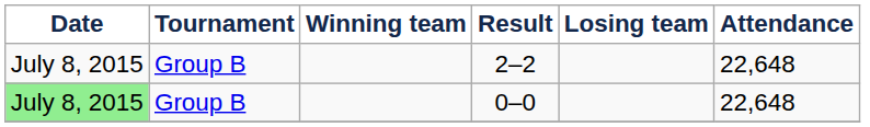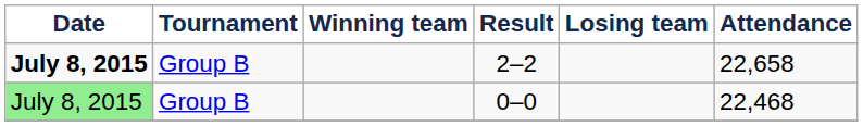 <table class="wikitable">
 <tr>
 <th style="text-align:center; background:#FFFFFF; color:#13284B; ">Date</th>
 <th style="text-align:center; background:#FFFFFF; color:#13284B; ">Tournament</th>
 <th style="text-align:center; background:#FFFFFF; color:#13284B; ">Winning team</th>
 <th style="text-align:center; background:#FFFFFF; color:#13284B; ">Result</th>
 <th style="text-align:center; background:#FFFFFF; color:#13284B; ">Losing team</th>
 <th style="text-align:center; background:#FFFFFF; color:#13284B; ">Attendance</th>
 </tr>
 <tr>
-<td>July 8, 2015</td>
+<td><strong>July 8, 2015</strong></td>
 <td><a href='#'>Group B</a></td>
 <td></td>
 <td align=center>2–2</td>
 <td></td>
-<td>22,648</td>
+<td>22,658</td>
 </tr>
 <tr>
 <td style="background: lightgreen;">July 8, 2015</td>
 <td><a href='#'>Group B</a></td>
 <td></td>
 <td align=center>0–0</td>
 <td></td>
-<td>22,648</td>
+<td>22,468</td>
 </tr>
 <tr>
 </tr>
 </table>
